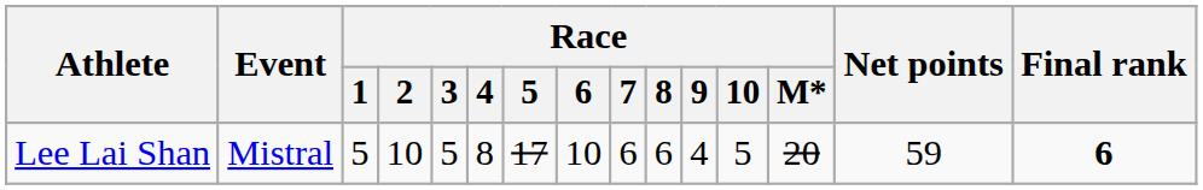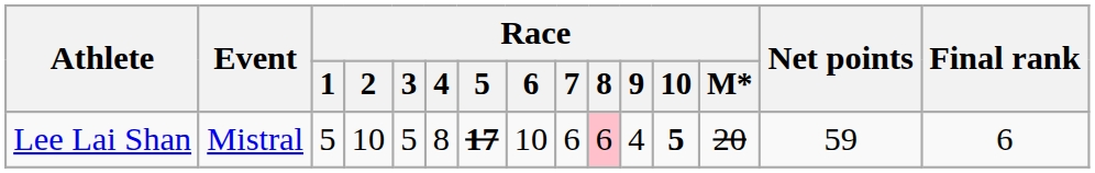 <table class="wikitable" style="font-size:90%">
 <tr>
 <th rowspan=2>Athlete</th>
 <th rowspan=2>Event</th>
 <th colspan=11>Race</th>
 <th rowspan=2>Net points</th>
 <th rowspan=2>Final rank</th>
 </tr>
 <tr style="font-size:95%">
 <th>1</th>
 <th>2</th>
 <th>3</th>
 <th>4</th>
 <th>5</th>
 <th>6</th>
 <th>7</th>
 <th>8</th>
 <th>9</th>
 <th>10</th>
 <th>M*</th>
 </tr>
 <tr align=center>
 <td align=left><a href='#'>Lee Lai Shan</a></td>
 <td align=left><a href='#'>Mistral</a></td>
 <td>5</td>
 <td>10</td>
 <td>5</td>
 <td>8</td>
-<td><s>17</s></td>
+<td><strong><s>17</s></strong></td>
 <td>10</td>
 <td>6</td>
-<td>6</td>
+<td style="background: pink;">6</td>
 <td>4</td>
-<td>5</td>
+<td><strong>5</strong></td>
 <td><s>20</s></td>
 <td>59</td>
-<td><strong>6</strong></td>
+<td>6</td>
 </tr>
 </table>
